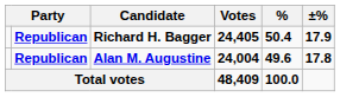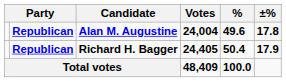 <table class="wikitable">
 <tr>
 <th colspan="2">Party</th>
 <th>Candidate</th>
 <th>Votes</th>
 <th>%</th>
 <th>±%</th>
 </tr>
 <tr>
 <td></td>
 <td><strong><a href='#'>Republican</a></strong></td>
+<td><strong><a href='#'>Alan M. Augustine</a></strong></td>
+<td><strong>24,004</strong></td>
+<td><strong>49.6</strong></td>
+<td><strong>17.8</strong></td>
+</tr>
+<tr>
+<td></td>
+<td><strong><a href='#'>Republican</a></strong></td>
 <td><strong>Richard H. Bagger</strong></td>
 <td><strong>24,405</strong></td>
 <td><strong>50.4</strong></td>
 <td><strong>17.9</strong></td>
-</tr>
-<tr>
-<td></td>
-<td><strong><a href='#'>Republican</a></strong></td>
-<td><strong><a href='#'>Alan M. Augustine</a></strong></td>
-<td><strong>24,004</strong></td>
-<td><strong>49.6</strong></td>
-<td><strong>17.8</strong></td>
 </tr>
 <tr>
 <th colspan="3">Total votes</th>
 <td><strong>48,409</strong></td>
 <td><strong>100.0</strong></td>
 <td></td>
 </tr>
 </table>
